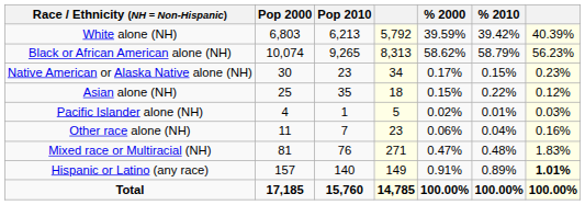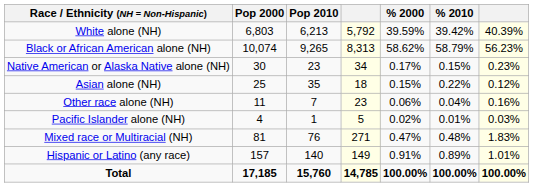 <table class="wikitable" style="text-align:center;">
 <tr>
 <th>Race / Ethnicity <small>(<em>NH = Non-Hispanic</em>)</small></th>
 <th>Pop 2000</th>
 <th>Pop 2010</th>
 <th></th>
 <th>% 2000</th>
 <th>% 2010</th>
 <th></th>
 </tr>
 <tr>
 <td><a href='#'>White</a> alone (NH)</td>
 <td>6,803</td>
 <td>6,213</td>
 <td style='background: #ffffe6;'>5,792</td>
 <td>39.59%</td>
 <td>39.42%</td>
 <td style='background: #ffffe6;'>40.39%</td>
 </tr>
 <tr>
 <td><a href='#'>Black or African American</a> alone (NH)</td>
 <td>10,074</td>
 <td>9,265</td>
 <td style='background: #ffffe6;'>8,313</td>
 <td>58.62%</td>
 <td>58.79%</td>
 <td style='background: #ffffe6;'>56.23%</td>
 </tr>
 <tr>
 <td><a href='#'>Native American</a> or <a href='#'>Alaska Native</a> alone (NH)</td>
 <td>30</td>
 <td>23</td>
 <td style='background: #ffffe6;'>34</td>
 <td>0.17%</td>
 <td>0.15%</td>
 <td style='background: #ffffe6;'>0.23%</td>
 </tr>
 <tr>
 <td><a href='#'>Asian</a> alone (NH)</td>
 <td>25</td>
 <td>35</td>
 <td style='background: #ffffe6;'>18</td>
 <td>0.15%</td>
 <td>0.22%</td>
 <td style='background: #ffffe6;'>0.12%</td>
 </tr>
 <tr>
+<td><a href='#'>Other race</a> alone (NH)</td>
+<td>11</td>
+<td>7</td>
+<td style='background: #ffffe6;'>23</td>
+<td>0.06%</td>
+<td>0.04%</td>
+<td style='background: #ffffe6;'>0.16%</td>
+</tr>
+<tr>
 <td><a href='#'>Pacific Islander</a> alone (NH)</td>
 <td>4</td>
 <td>1</td>
 <td style='background: #ffffe6;'>5</td>
 <td>0.02%</td>
 <td>0.01%</td>
 <td style='background: #ffffe6;'>0.03%</td>
-</tr>
-<tr>
-<td><a href='#'>Other race</a> alone (NH)</td>
-<td>11</td>
-<td>7</td>
-<td style='background: #ffffe6;'>23</td>
-<td>0.06%</td>
-<td>0.04%</td>
-<td style='background: #ffffe6;'>0.16%</td>
 </tr>
 <tr>
 <td><a href='#'>Mixed race or Multiracial</a> (NH)</td>
 <td>81</td>
 <td>76</td>
 <td style='background: #ffffe6;'>271</td>
 <td>0.47%</td>
 <td>0.48%</td>
 <td style='background: #ffffe6;'>1.83%</td>
 </tr>
 <tr>
 <td><a href='#'>Hispanic or Latino</a> (any race)</td>
 <td>157</td>
 <td>140</td>
 <td style='background: #ffffe6;'>149</td>
 <td>0.91%</td>
 <td>0.89%</td>
-<td style='background: #ffffe6;'><strong>1.01%</strong></td>
+<td style='background: #ffffe6;'>1.01%</td>
 </tr>
 <tr>
 <td><strong>Total</strong></td>
 <td><strong>17,185</strong></td>
 <td><strong>15,760</strong></td>
 <td style='background: #ffffe6;'><strong>14,785</strong></td>
 <td><strong>100.00%</strong></td>
 <td><strong>100.00%</strong></td>
 <td style='background: #ffffe6;'><strong>100.00%</strong></td>
 </tr>
 </table>
